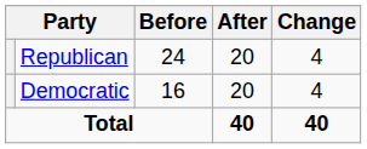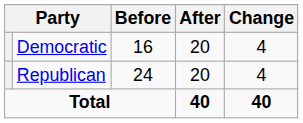 <table class="wikitable" style="text-align:center;">
 <tr>
 </tr>
 <tr>
 <th colspan=2>Party</th>
 <th>Before</th>
 <th>After</th>
 <th>Change</th>
 </tr>
 <tr>
 <th style="background-color:"></th>
-<td style="text-align:left;"><a href='#'>Republican</a></td>
-<td>24</td>
+<td style="text-align:left;"><a href='#'>Democratic</a></td>
+<td>16</td>
 <td>20</td>
 <td> 4</td>
 </tr>
 <tr>
 <th style="background-color:"></th>
-<td style="text-align:left;"><a href='#'>Democratic</a></td>
-<td>16</td>
+<td style="text-align:left;"><a href='#'>Republican</a></td>
+<td>24</td>
 <td>20</td>
 <td> 4</td>
 </tr>
 <tr>
 <td colspan=3><strong>Total</strong></td>
 <td><strong>40</strong></td>
 <td><strong>40</strong></td>
 </tr>
 </table>
